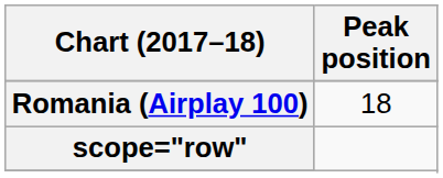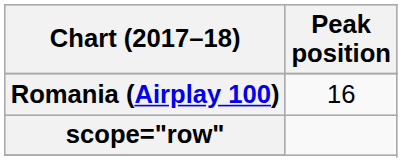 <table class="wikitable plainrowheaders sortable" style="text-align:center">
 <tr>
 <th scope="col">Chart (2017–18)</th>
 <th scope="col">Peak<br> position</th>
 </tr>
 <tr>
 </tr>
 <tr>
 </tr>
 <tr>
 <th scope="row">Romania (<a href='#'>Airplay 100</a>)</th>
-<td>18</td>
+<td>16</td>
 </tr>
 <tr>
 <th>scope="row"</th>
 </tr>
 <tr>
 </tr>
 </table>
